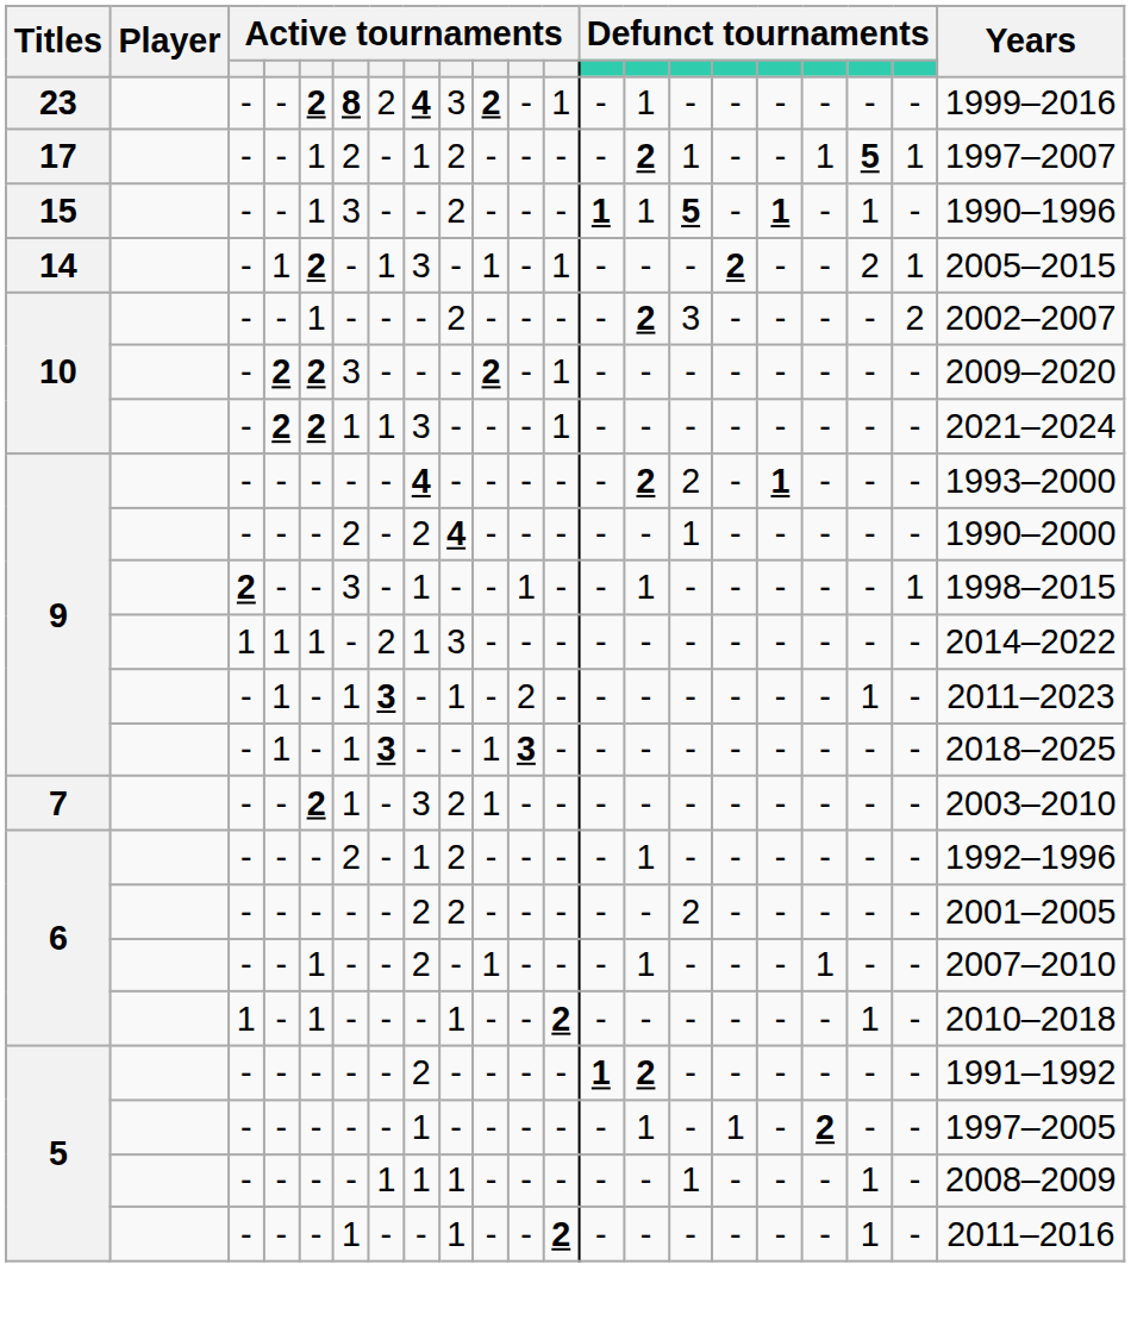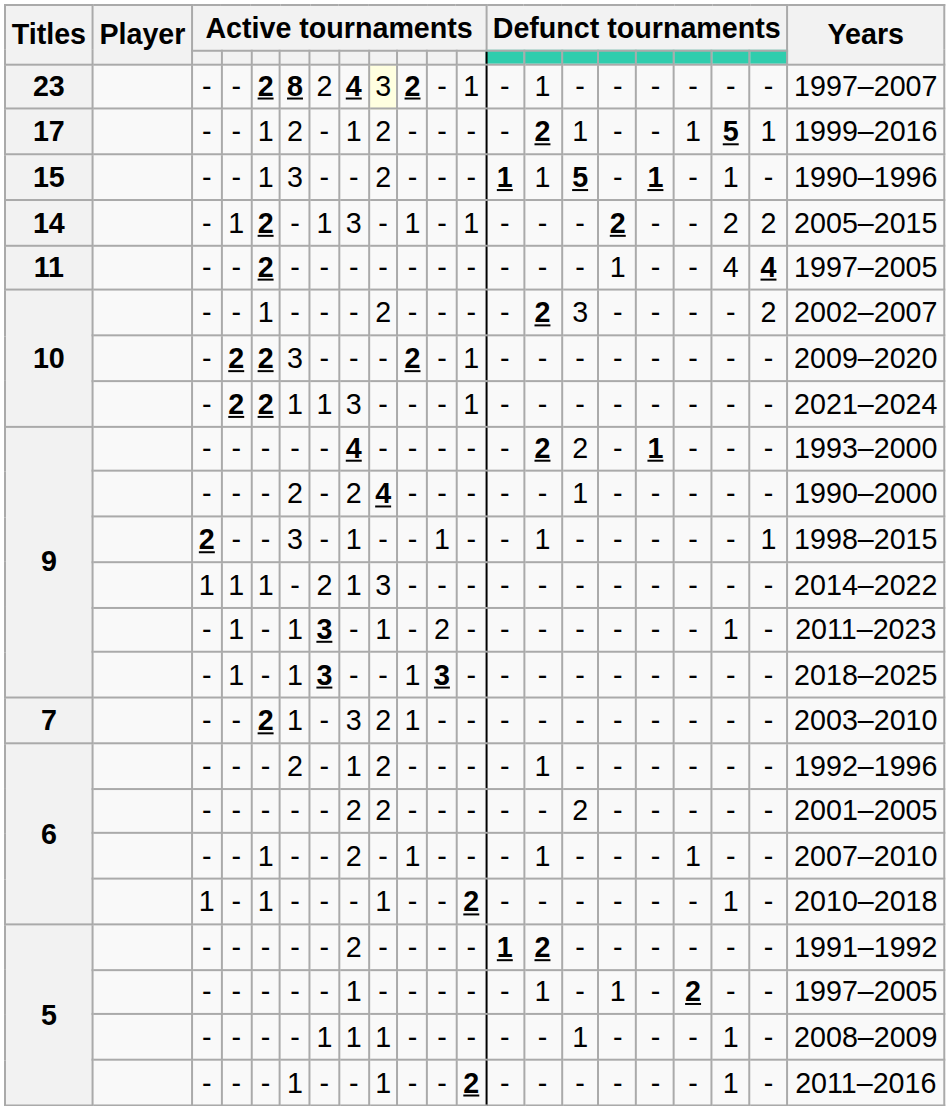 <table class="wikitable mw-datatable sortable sort-under-center sticky-table-head sticky-table-col2" style="font-size: 90%; text-align:center">
 <tr>
 <th scope="col" rowspan="2">Titles</th>
 <th scope="col" rowspan="2">Player</th>
 <th scope=colgroup colspan=10>Active tournaments</th>
 <th scope=colgroup colspan=8>Defunct tournaments</th>
 <th scope="col" rowspan="2">Years</th>
 </tr>
 <tr>
 <th scope="col"></th>
 <th scope="col" class="sticky-table-none"></th>
 <th scope="col"></th>
 <th scope="col"></th>
 <th scope="col"></th>
 <th scope="col"></th>
 <th scope="col"></th>
 <th scope="col"></th>
 <th scope="col"></th>
 <th scope="col" style="border-right: 1pt black solid;"></th>
 <th scope="col" style="background-color:#2FCDAD"></th>
 <th scope="col" style="background-color:#2FCDAD"></th>
 <th scope="col" style="background-color:#2FCDAD"></th>
 <th scope="col" style="background-color:#2FCDAD"></th>
 <th scope="col" style="background-color:#2FCDAD"></th>
 <th scope="col" style="background-color:#2FCDAD"></th>
 <th scope="col" style="background-color:#2FCDAD"></th>
 <th scope="col" style="background-color:#2FCDAD"></th>
 </tr>
 <tr>
 <th scope="row">23</th>
 <td style="text-align:left"></td>
 <td>-</td>
 <td>-</td>
 <td><strong><u>2</u></strong></td>
 <td><strong><u>8</u></strong></td>
 <td>2</td>
 <td><strong><u>4</u></strong></td>
-<td>3</td>
+<td style="background: lightyellow;">3</td>
 <td><strong><u>2</u></strong></td>
 <td>-</td>
 <td style="border-right: 1pt black solid">1</td>
 <td>-</td>
 <td>1</td>
 <td>-</td>
 <td>-</td>
 <td>-</td>
 <td>-</td>
 <td>-</td>
 <td>-</td>
-<td>1999–2016</td>
+<td>1997–2007</td>
 </tr>
 <tr>
 <th scope="row">17</th>
 <td style="text-align:left"></td>
 <td>-</td>
 <td>-</td>
 <td>1</td>
 <td>2</td>
 <td>-</td>
 <td>1</td>
 <td>2</td>
 <td>-</td>
 <td>-</td>
 <td style="border-right: 1pt black solid">-</td>
 <td>-</td>
 <td><strong><u>2</u></strong></td>
 <td>1</td>
 <td>-</td>
 <td>-</td>
 <td>1</td>
 <td><strong><u>5</u></strong></td>
 <td>1</td>
-<td>1997–2007</td>
+<td>1999–2016</td>
 </tr>
 <tr>
 <th scope="row">15</th>
 <td style="text-align:left"></td>
 <td>-</td>
 <td>-</td>
 <td>1</td>
 <td>3</td>
 <td>-</td>
 <td>-</td>
 <td>2</td>
 <td>-</td>
 <td>-</td>
 <td style="border-right: 1pt black solid">-</td>
 <td><strong><u>1</u></strong></td>
 <td>1</td>
 <td><strong><u>5</u></strong></td>
 <td>-</td>
 <td><strong><u>1</u></strong></td>
 <td>-</td>
 <td>1</td>
 <td>-</td>
 <td>1990–1996</td>
 </tr>
 <tr>
 <th scope="row">14</th>
 <td style="text-align:left"></td>
 <td>-</td>
 <td>1</td>
 <td><strong><u>2</u></strong></td>
 <td>-</td>
 <td>1</td>
 <td>3</td>
 <td>-</td>
 <td>1</td>
 <td>-</td>
 <td style="border-right: 1pt black solid">1</td>
 <td>-</td>
 <td>-</td>
 <td>-</td>
 <td><strong><u>2</u></strong></td>
 <td>-</td>
 <td>-</td>
 <td>2</td>
+<td>2</td>
+<td>2005–2015</td>
+</tr>
+<tr>
+<th scope="row">11</th>
+<td style="text-align:left"></td>
+<td>-</td>
+<td>-</td>
+<td><strong><u>2</u></strong></td>
+<td>-</td>
+<td>-</td>
+<td>-</td>
+<td>-</td>
+<td>-</td>
+<td>-</td>
+<td style="border-right: 1pt black solid">-</td>
+<td>-</td>
+<td>-</td>
+<td>-</td>
 <td>1</td>
-<td>2005–2015</td>
+<td>-</td>
+<td>-</td>
+<td>4</td>
+<td><strong><u>4</u></strong></td>
+<td>1997–2005</td>
 </tr>
 <tr>
 <th scope="row" rowspan="3">10</th>
 <td style="text-align:left"></td>
 <td>-</td>
 <td>-</td>
 <td>1</td>
 <td>-</td>
 <td>-</td>
 <td>-</td>
 <td>2</td>
 <td>-</td>
 <td>-</td>
 <td style="border-right: 1pt black solid">-</td>
 <td>-</td>
 <td><strong><u>2</u></strong></td>
 <td>3</td>
 <td>-</td>
 <td>-</td>
 <td>-</td>
 <td>-</td>
 <td>2</td>
 <td>2002–2007</td>
 </tr>
 <tr>
 <td style="text-align:left" class="sticky-table-left"></td>
 <td class="sticky-table-none">-</td>
 <td><strong><u>2</u></strong></td>
 <td><strong><u>2</u></strong></td>
 <td>3</td>
 <td>-</td>
 <td>-</td>
 <td>-</td>
 <td><strong><u>2</u></strong></td>
 <td>-</td>
 <td style="border-right: 1pt black solid">1</td>
 <td>-</td>
 <td>-</td>
 <td>-</td>
 <td>-</td>
 <td>-</td>
 <td>-</td>
 <td>-</td>
 <td>-</td>
 <td>2009–2020</td>
 </tr>
 <tr>
 <td style="text-align:left" class="sticky-table-left"></td>
 <td class="sticky-table-none">-</td>
 <td><strong><u>2</u></strong></td>
 <td><strong><u>2</u></strong></td>
 <td>1</td>
 <td>1</td>
 <td>3</td>
 <td>-</td>
 <td>-</td>
 <td>-</td>
 <td style="border-right: 1pt black solid">1</td>
 <td>-</td>
 <td>-</td>
 <td>-</td>
 <td>-</td>
 <td>-</td>
 <td>-</td>
 <td>-</td>
 <td>-</td>
 <td>2021–2024</td>
 </tr>
 <tr>
 <th scope="row" rowspan="6">9</th>
 <td style="text-align:left"></td>
 <td>-</td>
 <td>-</td>
 <td>-</td>
 <td>-</td>
 <td>-</td>
 <td><strong><u>4</u></strong></td>
 <td>-</td>
 <td>-</td>
 <td>-</td>
 <td style="border-right: 1pt black solid">-</td>
 <td>-</td>
 <td><strong><u>2</u></strong></td>
 <td>2</td>
 <td>-</td>
 <td><strong><u>1</u></strong></td>
 <td>-</td>
 <td>-</td>
 <td>-</td>
 <td>1993–2000</td>
 </tr>
 <tr>
 <td style="text-align:left" class="sticky-table-left"></td>
 <td class="sticky-table-none">-</td>
 <td>-</td>
 <td>-</td>
 <td>2</td>
 <td>-</td>
 <td>2</td>
 <td><strong><u>4</u></strong></td>
 <td>-</td>
 <td>-</td>
 <td style="border-right: 1pt black solid">-</td>
 <td>-</td>
 <td>-</td>
 <td>1</td>
 <td>-</td>
 <td>-</td>
 <td>-</td>
 <td>-</td>
 <td>-</td>
 <td>1990–2000</td>
 </tr>
 <tr>
 <td style="text-align:left" class="sticky-table-left"></td>
 <td class="sticky-table-none"><strong><u>2</u></strong></td>
 <td>-</td>
 <td>-</td>
 <td>3</td>
 <td>-</td>
 <td>1</td>
 <td>-</td>
 <td>-</td>
 <td>1</td>
 <td style="border-right: 1pt black solid">-</td>
 <td>-</td>
 <td>1</td>
 <td>-</td>
 <td>-</td>
 <td>-</td>
 <td>-</td>
 <td>-</td>
 <td>1</td>
 <td>1998–2015</td>
 </tr>
 <tr>
 <td style="text-align:left" class="sticky-table-left"></td>
 <td class="sticky-table-none">1</td>
 <td>1</td>
 <td>1</td>
 <td>-</td>
 <td>2</td>
 <td>1</td>
 <td>3</td>
 <td>-</td>
 <td>-</td>
 <td style="border-right: 1pt black solid">-</td>
 <td>-</td>
 <td>-</td>
 <td>-</td>
 <td>-</td>
 <td>-</td>
 <td>-</td>
 <td>-</td>
 <td>-</td>
 <td>2014–2022</td>
 </tr>
 <tr>
 <td style="text-align:left" class="sticky-table-left"></td>
 <td class="sticky-table-none">-</td>
 <td>1</td>
 <td>-</td>
 <td>1</td>
 <td><strong><u>3</u></strong></td>
 <td>-</td>
 <td>1</td>
 <td>-</td>
 <td>2</td>
 <td style="border-right: 1pt black solid">-</td>
 <td>-</td>
 <td>-</td>
 <td>-</td>
 <td>-</td>
 <td>-</td>
 <td>-</td>
 <td>1</td>
 <td>-</td>
 <td>2011–2023</td>
 </tr>
 <tr>
 <td style="text-align:left" class="sticky-table-left"></td>
 <td class="sticky-table-none">-</td>
 <td>1</td>
 <td>-</td>
 <td>1</td>
 <td><strong><u>3</u></strong></td>
 <td>-</td>
 <td>-</td>
 <td>1</td>
 <td><strong><u>3</u></strong></td>
 <td style="border-right: 1pt black solid">-</td>
 <td>-</td>
 <td>-</td>
 <td>-</td>
 <td>-</td>
 <td>-</td>
 <td>-</td>
 <td>-</td>
 <td>-</td>
 <td>2018–2025</td>
 </tr>
 <tr>
 <th scope="row" rowspan="1">7</th>
 <td style="text-align:left"></td>
 <td>-</td>
 <td>-</td>
 <td><strong><u>2</u></strong></td>
 <td>1</td>
 <td>-</td>
 <td>3</td>
 <td>2</td>
 <td>1</td>
 <td>-</td>
 <td style="border-right: 1pt black solid">-</td>
 <td>-</td>
 <td>-</td>
 <td>-</td>
 <td>-</td>
 <td>-</td>
 <td>-</td>
 <td>-</td>
 <td>-</td>
 <td>2003–2010</td>
 </tr>
 <tr>
 <th scope="row" rowspan="4">6</th>
 <td style="text-align:left"></td>
 <td>-</td>
 <td>-</td>
 <td>-</td>
 <td>2</td>
 <td>-</td>
 <td>1</td>
 <td>2</td>
 <td>-</td>
 <td>-</td>
 <td style="border-right: 1pt black solid">-</td>
 <td>-</td>
 <td>1</td>
 <td>-</td>
 <td>-</td>
 <td>-</td>
 <td>-</td>
 <td>-</td>
 <td>-</td>
 <td>1992–1996</td>
 </tr>
 <tr>
 <td style="text-align:left" class="sticky-table-left"></td>
 <td class="sticky-table-none">-</td>
 <td>-</td>
 <td>-</td>
 <td>-</td>
 <td>-</td>
 <td>2</td>
 <td>2</td>
 <td>-</td>
 <td>-</td>
 <td style="border-right: 1pt black solid">-</td>
 <td>-</td>
 <td>-</td>
 <td>2</td>
 <td>-</td>
 <td>-</td>
 <td>-</td>
 <td>-</td>
 <td>-</td>
 <td>2001–2005</td>
 </tr>
 <tr>
 <td style="text-align:left" class="sticky-table-left"></td>
 <td class="sticky-table-none">-</td>
 <td>-</td>
 <td>1</td>
 <td>-</td>
 <td>-</td>
 <td>2</td>
 <td>-</td>
 <td>1</td>
 <td>-</td>
 <td style="border-right: 1pt black solid">-</td>
 <td>-</td>
 <td>1</td>
 <td>-</td>
 <td>-</td>
 <td>-</td>
 <td>1</td>
 <td>-</td>
 <td>-</td>
 <td>2007–2010</td>
 </tr>
 <tr>
 <td style="text-align:left" class="sticky-table-left"></td>
 <td class="sticky-table-none">1</td>
 <td>-</td>
 <td>1</td>
 <td>-</td>
 <td>-</td>
 <td>-</td>
 <td>1</td>
 <td>-</td>
 <td>-</td>
 <td style="border-right: 1pt black solid"><strong><u>2</u></strong></td>
 <td>-</td>
 <td>-</td>
 <td>-</td>
 <td>-</td>
 <td>-</td>
 <td>-</td>
 <td>1</td>
 <td>-</td>
 <td>2010–2018</td>
 </tr>
 <tr>
 <th scope="row" rowspan="4">5</th>
 <td style="text-align:left"></td>
 <td>-</td>
 <td>-</td>
 <td>-</td>
 <td>-</td>
 <td>-</td>
 <td>2</td>
 <td>-</td>
 <td>-</td>
 <td>-</td>
 <td style="border-right: 1pt black solid">-</td>
 <td><strong><u>1</u></strong></td>
 <td><strong><u>2</u></strong></td>
 <td>-</td>
 <td>-</td>
 <td>-</td>
 <td>-</td>
 <td>-</td>
 <td>-</td>
 <td>1991–1992</td>
 </tr>
 <tr>
 <td style="text-align:left" class="sticky-table-left"></td>
 <td class="sticky-table-none">-</td>
 <td>-</td>
 <td>-</td>
 <td>-</td>
 <td>-</td>
 <td>1</td>
 <td>-</td>
 <td>-</td>
 <td>-</td>
 <td style="border-right: 1pt black solid">-</td>
 <td>-</td>
 <td>1</td>
 <td>-</td>
 <td>1</td>
 <td>-</td>
 <td><strong><u>2</u></strong></td>
 <td>-</td>
 <td>-</td>
 <td>1997–2005</td>
 </tr>
 <tr>
 <td style="text-align:left" class="sticky-table-left"></td>
 <td class="sticky-table-none">-</td>
 <td>-</td>
 <td>-</td>
 <td>-</td>
 <td>1</td>
 <td>1</td>
 <td>1</td>
 <td>-</td>
 <td>-</td>
 <td style="border-right: 1pt black solid">-</td>
 <td>-</td>
 <td>-</td>
 <td>1</td>
 <td>-</td>
 <td>-</td>
 <td>-</td>
 <td>1</td>
 <td>-</td>
 <td>2008–2009</td>
 </tr>
 <tr>
 <td style="text-align:left" class="sticky-table-left"></td>
 <td class="sticky-table-none">-</td>
 <td>-</td>
 <td>-</td>
 <td>1</td>
 <td>-</td>
 <td>-</td>
 <td>1</td>
 <td>-</td>
 <td>-</td>
 <td style="border-right: 1pt black solid"><strong><u>2</u></strong></td>
 <td>-</td>
 <td>-</td>
 <td>-</td>
 <td>-</td>
 <td>-</td>
 <td>-</td>
 <td>1</td>
 <td>-</td>
 <td>2011–2016</td>
 </tr>
 </table>
